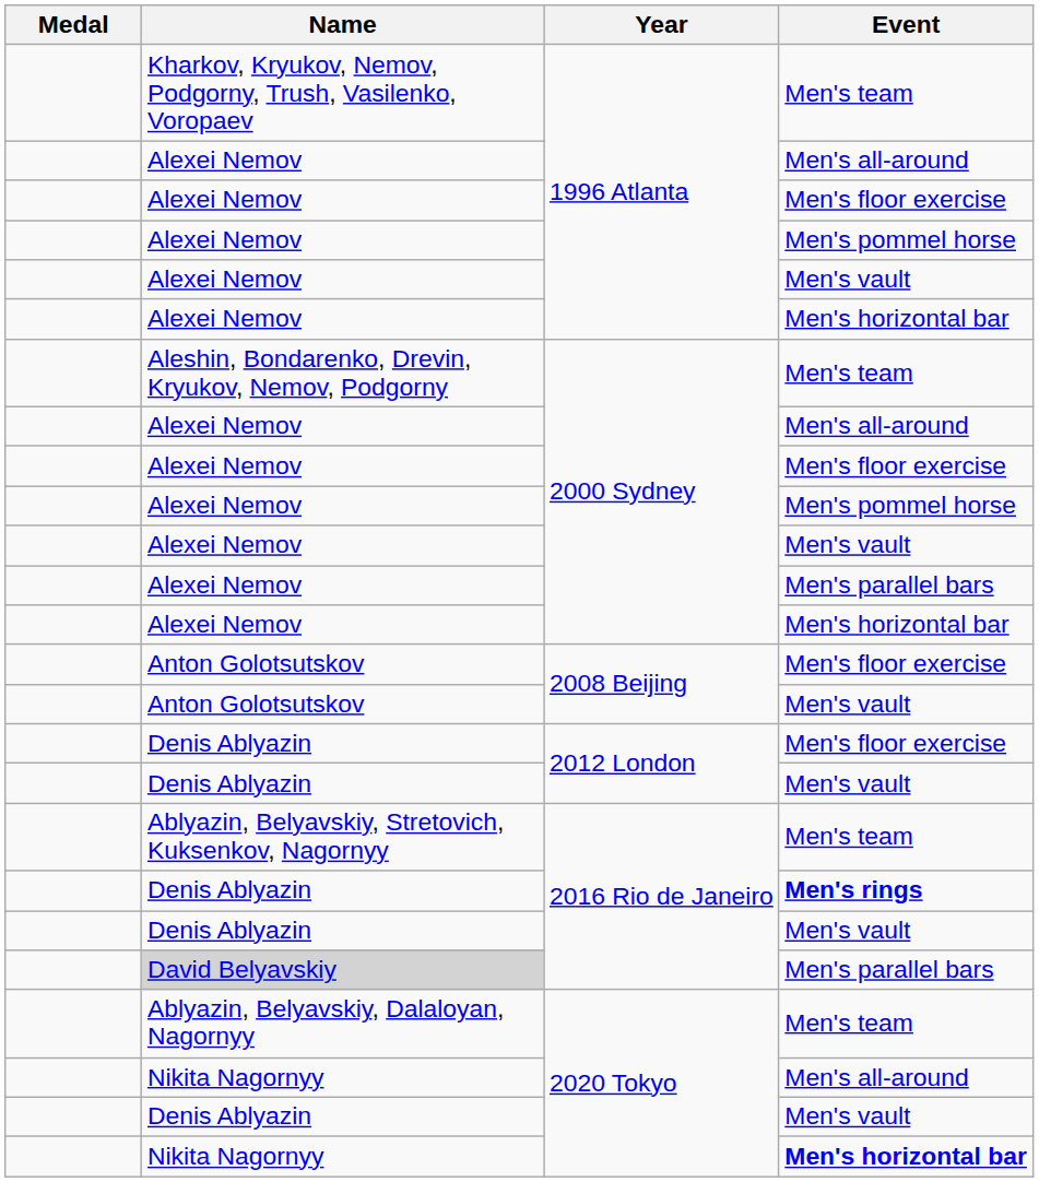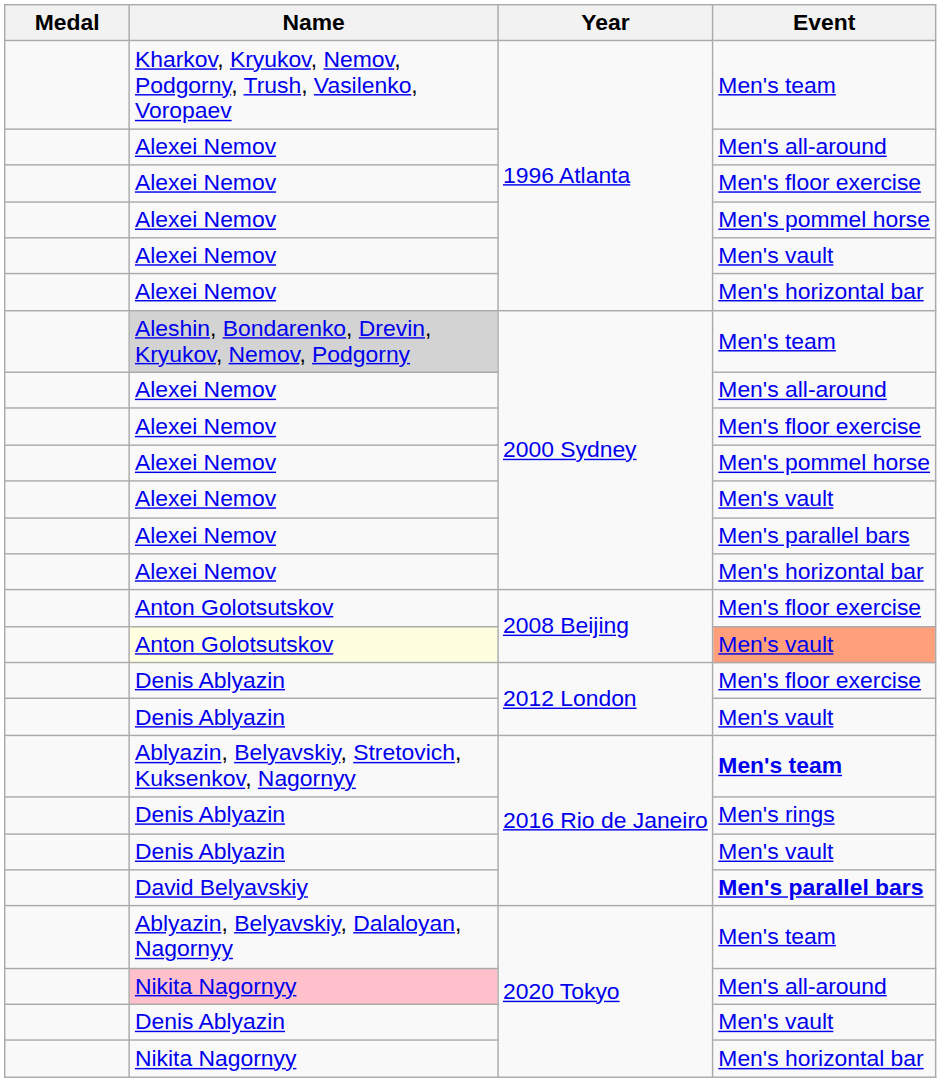 <table class="wikitable sortable">
 <tr>
 <th style="width:5em;">Medal</th>
 <th width=250>Name</th>
 <th>Year</th>
 <th>Event</th>
 </tr>
 <tr>
 <td></td>
 <td><a href='#'>Kharkov</a>, <a href='#'>Kryukov</a>, <a href='#'>Nemov</a>, <a href='#'>Podgorny</a>, <a href='#'>Trush</a>, <a href='#'>Vasilenko</a>, <a href='#'>Voropaev</a></td>
 <td rowspan="6"> <a href='#'>1996 Atlanta</a></td>
 <td><a href='#'>Men's team</a></td>
 </tr>
 <tr>
 <td></td>
 <td><a href='#'>Alexei Nemov</a></td>
 <td><a href='#'>Men's all-around</a></td>
 </tr>
 <tr>
 <td></td>
 <td><a href='#'>Alexei Nemov</a></td>
 <td><a href='#'>Men's floor exercise</a></td>
 </tr>
 <tr>
 <td></td>
 <td><a href='#'>Alexei Nemov</a></td>
 <td><a href='#'>Men's pommel horse</a></td>
 </tr>
 <tr>
 <td></td>
 <td><a href='#'>Alexei Nemov</a></td>
 <td><a href='#'>Men's vault</a></td>
 </tr>
 <tr>
 <td></td>
 <td><a href='#'>Alexei Nemov</a></td>
 <td><a href='#'>Men's horizontal bar</a></td>
 </tr>
 <tr>
 <td></td>
-<td><a href='#'>Aleshin</a>, <a href='#'>Bondarenko</a>, <a href='#'>Drevin</a>, <a href='#'>Kryukov</a>, <a href='#'>Nemov</a>, <a href='#'>Podgorny</a></td>
+<td style="background: lightgrey;"><a href='#'>Aleshin</a>, <a href='#'>Bondarenko</a>, <a href='#'>Drevin</a>, <a href='#'>Kryukov</a>, <a href='#'>Nemov</a>, <a href='#'>Podgorny</a></td>
 <td rowspan="7"> <a href='#'>2000 Sydney</a></td>
 <td><a href='#'>Men's team</a></td>
 </tr>
 <tr>
 <td></td>
 <td><a href='#'>Alexei Nemov</a></td>
 <td><a href='#'>Men's all-around</a></td>
 </tr>
 <tr>
 <td></td>
 <td><a href='#'>Alexei Nemov</a></td>
 <td><a href='#'>Men's floor exercise</a></td>
 </tr>
 <tr>
 <td></td>
 <td><a href='#'>Alexei Nemov</a></td>
 <td><a href='#'>Men's pommel horse</a></td>
 </tr>
 <tr>
 <td></td>
 <td><a href='#'>Alexei Nemov</a></td>
 <td><a href='#'>Men's vault</a></td>
 </tr>
 <tr>
 <td></td>
 <td><a href='#'>Alexei Nemov</a></td>
 <td><a href='#'>Men's parallel bars</a></td>
 </tr>
 <tr>
 <td></td>
 <td><a href='#'>Alexei Nemov</a></td>
 <td><a href='#'>Men's horizontal bar</a></td>
 </tr>
 <tr>
 <td></td>
 <td><a href='#'>Anton Golotsutskov</a></td>
 <td rowspan="2"> <a href='#'>2008 Beijing</a></td>
 <td><a href='#'>Men's floor exercise</a></td>
 </tr>
 <tr>
 <td></td>
-<td><a href='#'>Anton Golotsutskov</a></td>
-<td><a href='#'>Men's vault</a></td>
+<td style="background: lightyellow;"><a href='#'>Anton Golotsutskov</a></td>
+<td style="background: lightsalmon;"><a href='#'>Men's vault</a></td>
 </tr>
 <tr>
 <td></td>
 <td><a href='#'>Denis Ablyazin</a></td>
 <td rowspan="2"> <a href='#'>2012 London</a></td>
 <td><a href='#'>Men's floor exercise</a></td>
 </tr>
 <tr>
 <td></td>
 <td><a href='#'>Denis Ablyazin</a></td>
 <td><a href='#'>Men's vault</a></td>
 </tr>
 <tr>
 <td></td>
 <td><a href='#'>Ablyazin</a>, <a href='#'>Belyavskiy</a>, <a href='#'>Stretovich</a>, <a href='#'>Kuksenkov</a>, <a href='#'>Nagornyy</a></td>
 <td rowspan="4"> <a href='#'>2016 Rio de Janeiro</a></td>
-<td><a href='#'>Men's team</a></td>
+<td><strong><a href='#'>Men's team</a></strong></td>
 </tr>
 <tr>
 <td></td>
 <td><a href='#'>Denis Ablyazin</a></td>
-<td><strong><a href='#'>Men's rings</a></strong></td>
+<td><a href='#'>Men's rings</a></td>
 </tr>
 <tr>
 <td></td>
 <td><a href='#'>Denis Ablyazin</a></td>
 <td><a href='#'>Men's vault</a></td>
 </tr>
 <tr>
 <td></td>
-<td style="background: lightgrey;"><a href='#'>David Belyavskiy</a></td>
-<td><a href='#'>Men's parallel bars</a></td>
+<td><a href='#'>David Belyavskiy</a></td>
+<td><strong><a href='#'>Men's parallel bars</a></strong></td>
 </tr>
 <tr>
 <td></td>
 <td><a href='#'>Ablyazin</a>, <a href='#'>Belyavskiy</a>, <a href='#'>Dalaloyan</a>, <a href='#'>Nagornyy</a> </td>
 <td rowspan="4"> <a href='#'>2020 Tokyo</a></td>
 <td><a href='#'>Men's team</a></td>
 </tr>
 <tr>
 <td></td>
-<td><a href='#'>Nikita Nagornyy</a> </td>
+<td style="background: pink;"><a href='#'>Nikita Nagornyy</a> </td>
 <td><a href='#'>Men's all-around</a></td>
 </tr>
 <tr>
 <td></td>
 <td><a href='#'>Denis Ablyazin</a> </td>
 <td><a href='#'>Men's vault</a></td>
 </tr>
 <tr>
 <td></td>
 <td><a href='#'>Nikita Nagornyy</a> </td>
-<td><strong><a href='#'>Men's horizontal bar</a></strong></td>
+<td><a href='#'>Men's horizontal bar</a></td>
 </tr>
 </table>
